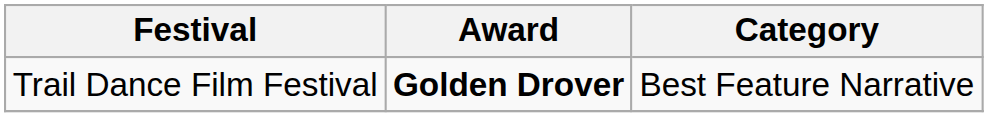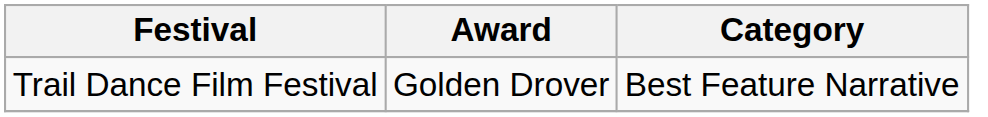 <table class="wikitable">
 <tr>
 <th>Festival</th>
 <th>Award</th>
 <th>Category</th>
 </tr>
 <tr>
 <td>Trail Dance Film Festival</td>
-<td><strong>Golden Drover</strong></td>
+<td>Golden Drover</td>
 <td>Best Feature Narrative</td>
 </tr>
 <tr>
 </tr>
 </table>
